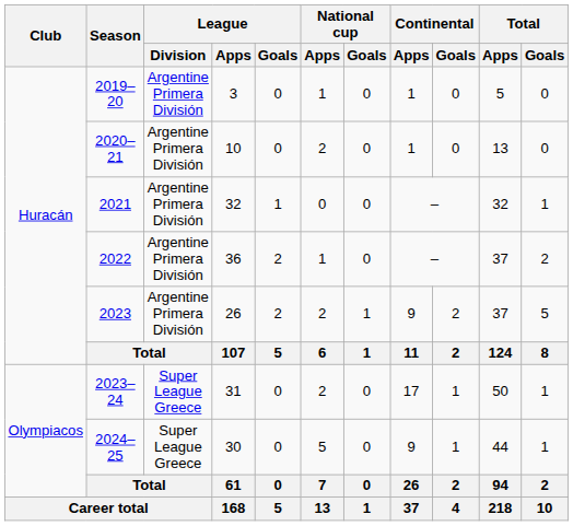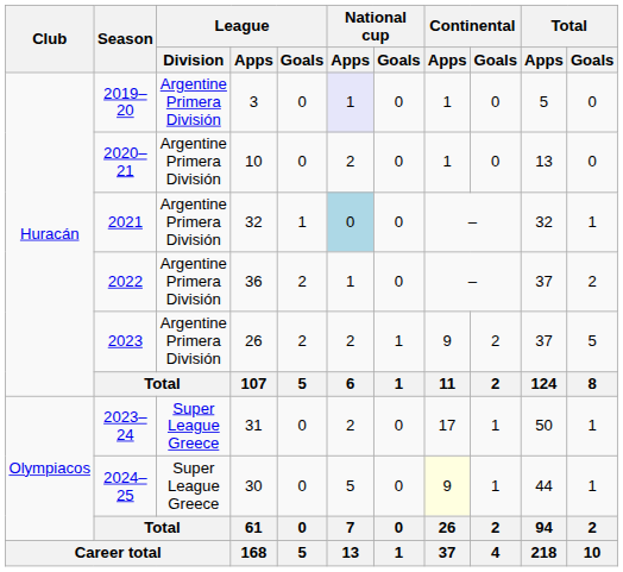 <table class="wikitable" style="text-align:center">
 <tr>
 <th rowspan="2">Club</th>
 <th rowspan="2">Season</th>
 <th colspan="3">League</th>
 <th colspan="2">National cup</th>
 <th colspan="2">Continental</th>
 <th colspan="2">Total</th>
 </tr>
 <tr>
 <th>Division</th>
 <th>Apps</th>
 <th>Goals</th>
 <th>Apps</th>
 <th>Goals</th>
 <th>Apps</th>
 <th>Goals</th>
 <th>Apps</th>
 <th>Goals</th>
 </tr>
 <tr>
 <td rowspan="6"><a href='#'>Huracán</a></td>
 <td><a href='#'>2019–20</a></td>
 <td><a href='#'>Argentine Primera División</a></td>
 <td>3</td>
 <td>0</td>
-<td>1</td>
+<td style="background: lavender;">1</td>
 <td>0</td>
 <td>1</td>
 <td>0</td>
 <td>5</td>
 <td>0</td>
 </tr>
 <tr>
 <td><a href='#'>2020–21</a></td>
 <td>Argentine Primera División</td>
 <td>10</td>
 <td>0</td>
 <td>2</td>
 <td>0</td>
 <td>1</td>
 <td>0</td>
 <td>13</td>
 <td>0</td>
 </tr>
 <tr>
 <td><a href='#'>2021</a></td>
 <td>Argentine Primera División</td>
 <td>32</td>
 <td>1</td>
-<td>0</td>
+<td style="background: lightblue;">0</td>
 <td>0</td>
 <td colspan="2">–</td>
 <td>32</td>
 <td>1</td>
 </tr>
 <tr>
 <td><a href='#'>2022</a></td>
 <td>Argentine Primera División</td>
 <td>36</td>
 <td>2</td>
 <td>1</td>
 <td>0</td>
 <td colspan="2">–</td>
 <td>37</td>
 <td>2</td>
 </tr>
 <tr>
 <td><a href='#'>2023</a></td>
 <td>Argentine Primera División</td>
 <td>26</td>
 <td>2</td>
 <td>2</td>
 <td>1</td>
 <td>9</td>
 <td>2</td>
 <td>37</td>
 <td>5</td>
 </tr>
 <tr>
 <th colspan="2">Total</th>
 <th>107</th>
 <th>5</th>
 <th>6</th>
 <th>1</th>
 <th>11</th>
 <th>2</th>
 <th>124</th>
 <th>8</th>
 </tr>
 <tr>
 <td rowspan="3"><a href='#'>Olympiacos</a></td>
 <td><a href='#'>2023–24</a></td>
 <td><a href='#'>Super League Greece</a></td>
 <td>31</td>
 <td>0</td>
 <td>2</td>
 <td>0</td>
 <td>17</td>
 <td>1</td>
 <td>50</td>
 <td>1</td>
 </tr>
 <tr>
 <td><a href='#'>2024–25</a></td>
 <td>Super League Greece</td>
 <td>30</td>
 <td>0</td>
 <td>5</td>
 <td>0</td>
-<td>9</td>
+<td style="background: lightyellow;">9</td>
 <td>1</td>
 <td>44</td>
 <td>1</td>
 </tr>
 <tr>
 <th colspan="2">Total</th>
 <th>61</th>
 <th>0</th>
 <th>7</th>
 <th>0</th>
 <th>26</th>
 <th>2</th>
 <th>94</th>
 <th>2</th>
 </tr>
 <tr>
 <th colspan="3">Career total</th>
 <th>168</th>
 <th>5</th>
 <th>13</th>
 <th>1</th>
 <th>37</th>
 <th>4</th>
 <th>218</th>
 <th>10</th>
 </tr>
 </table>
